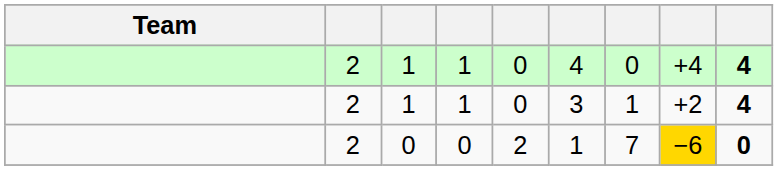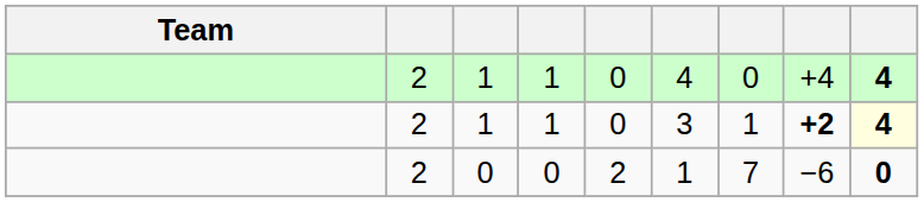 <table class="wikitable" style="text-align: center; font-size: 90%;">
 <tr>
 <th width=175>Team</th>
 <th width=25></th>
 <th width=25></th>
 <th width=25></th>
 <th width=25></th>
 <th width=25></th>
 <th width=25></th>
 <th width=25></th>
 <th width=25></th>
 </tr>
 <tr bgcolor=#ccffcc>
 <td align=left></td>
 <td>2</td>
 <td>1</td>
 <td>1</td>
 <td>0</td>
 <td>4</td>
 <td>0</td>
 <td>+4</td>
 <td><strong>4</strong></td>
 </tr>
 <tr>
 <td align=left></td>
 <td>2</td>
 <td>1</td>
 <td>1</td>
 <td>0</td>
 <td>3</td>
 <td>1</td>
-<td>+2</td>
-<td><strong>4</strong></td>
+<td><strong>+2</strong></td>
+<td style="background: lightyellow;"><strong>4</strong></td>
 </tr>
 <tr>
 <td align=left></td>
 <td>2</td>
 <td>0</td>
 <td>0</td>
 <td>2</td>
 <td>1</td>
 <td>7</td>
-<td style="background: gold;">−6</td>
+<td>−6</td>
 <td><strong>0</strong></td>
 </tr>
 </table>
